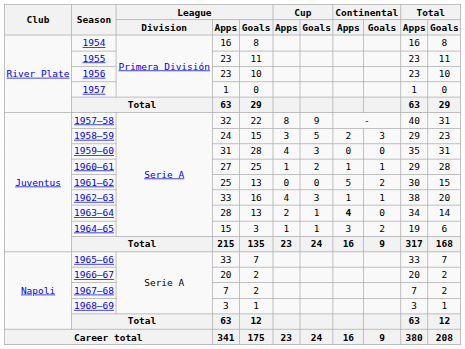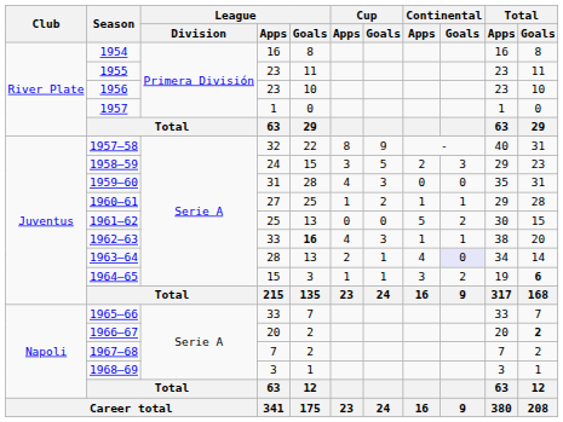 <table class="wikitable" style="text-align:center">
 <tr>
 <th rowspan="2">Club</th>
 <th rowspan="2">Season</th>
 <th colspan="3">League</th>
 <th colspan="2">Cup</th>
 <th colspan="2">Continental</th>
 <th colspan="2">Total</th>
 </tr>
 <tr>
 <th>Division</th>
 <th>Apps</th>
 <th>Goals</th>
 <th>Apps</th>
 <th>Goals</th>
 <th>Apps</th>
 <th>Goals</th>
 <th>Apps</th>
 <th>Goals</th>
 </tr>
 <tr>
 <td rowspan="5"><a href='#'>River Plate</a></td>
 <td><a href='#'>1954</a></td>
 <td rowspan="4"><a href='#'>Primera División</a></td>
 <td>16</td>
 <td>8</td>
 <td></td>
 <td></td>
 <td></td>
 <td></td>
 <td>16</td>
 <td>8</td>
 </tr>
 <tr>
 <td><a href='#'>1955</a></td>
 <td>23</td>
 <td>11</td>
 <td></td>
 <td></td>
 <td></td>
 <td></td>
 <td>23</td>
 <td>11</td>
 </tr>
 <tr>
 <td><a href='#'>1956</a></td>
 <td>23</td>
 <td>10</td>
 <td></td>
 <td></td>
 <td></td>
 <td></td>
 <td>23</td>
 <td>10</td>
 </tr>
 <tr>
 <td><a href='#'>1957</a></td>
 <td>1</td>
 <td>0</td>
 <td></td>
 <td></td>
 <td></td>
 <td></td>
 <td>1</td>
 <td>0</td>
 </tr>
 <tr>
 <th colspan="2">Total</th>
 <th>63</th>
 <th>29</th>
 <th></th>
 <th></th>
 <th></th>
 <th></th>
 <th>63</th>
 <th>29</th>
 </tr>
 <tr>
 <td rowspan="9"><a href='#'>Juventus</a></td>
 <td><a href='#'>1957–58</a></td>
 <td rowspan="8"><a href='#'>Serie A</a></td>
 <td>32</td>
 <td>22</td>
 <td>8</td>
 <td>9</td>
 <td colspan="2">-</td>
 <td>40</td>
 <td>31</td>
 </tr>
 <tr>
 <td><a href='#'>1958–59</a></td>
 <td>24</td>
 <td>15</td>
 <td>3</td>
 <td>5</td>
 <td>2</td>
 <td>3</td>
 <td>29</td>
 <td>23</td>
 </tr>
 <tr>
 <td><a href='#'>1959–60</a></td>
 <td>31</td>
 <td>28</td>
 <td>4</td>
 <td>3</td>
 <td>0</td>
 <td>0</td>
 <td>35</td>
 <td>31</td>
 </tr>
 <tr>
 <td><a href='#'>1960–61</a></td>
 <td>27</td>
 <td>25</td>
 <td>1</td>
 <td>2</td>
 <td>1</td>
 <td>1</td>
 <td>29</td>
 <td>28</td>
 </tr>
 <tr>
 <td><a href='#'>1961–62</a></td>
 <td>25</td>
 <td>13</td>
 <td>0</td>
 <td>0</td>
 <td>5</td>
 <td>2</td>
 <td>30</td>
 <td>15</td>
 </tr>
 <tr>
 <td><a href='#'>1962–63</a></td>
 <td>33</td>
-<td>16</td>
+<td><strong>16</strong></td>
 <td>4</td>
 <td>3</td>
 <td>1</td>
 <td>1</td>
 <td>38</td>
 <td>20</td>
 </tr>
 <tr>
 <td><a href='#'>1963–64</a></td>
 <td>28</td>
 <td>13</td>
 <td>2</td>
 <td>1</td>
-<td><strong>4</strong></td>
-<td>0</td>
+<td>4</td>
+<td style="background: lavender;">0</td>
 <td>34</td>
 <td>14</td>
 </tr>
 <tr>
 <td><a href='#'>1964–65</a></td>
 <td>15</td>
 <td>3</td>
 <td>1</td>
 <td>1</td>
 <td>3</td>
 <td>2</td>
 <td>19</td>
-<td>6</td>
+<td><strong>6</strong></td>
 </tr>
 <tr>
 <th colspan="2">Total</th>
 <th>215</th>
 <th>135</th>
 <th>23</th>
 <th>24</th>
 <th>16</th>
 <th>9</th>
 <th>317</th>
 <th>168</th>
 </tr>
 <tr>
 <td rowspan="5"><a href='#'>Napoli</a></td>
 <td><a href='#'>1965–66</a></td>
 <td rowspan="4">Serie A</td>
 <td>33</td>
 <td>7</td>
 <td></td>
 <td></td>
 <td></td>
 <td></td>
 <td>33</td>
 <td>7</td>
 </tr>
 <tr>
 <td><a href='#'>1966–67</a></td>
 <td>20</td>
 <td>2</td>
 <td></td>
 <td></td>
 <td></td>
 <td></td>
 <td>20</td>
-<td>2</td>
+<td><strong>2</strong></td>
 </tr>
 <tr>
 <td><a href='#'>1967–68</a></td>
 <td>7</td>
 <td>2</td>
 <td></td>
 <td></td>
 <td></td>
 <td></td>
 <td>7</td>
 <td>2</td>
 </tr>
 <tr>
 <td><a href='#'>1968–69</a></td>
 <td>3</td>
 <td>1</td>
 <td></td>
 <td></td>
 <td></td>
 <td></td>
 <td>3</td>
 <td>1</td>
 </tr>
 <tr>
 <th colspan="2">Total</th>
 <th>63</th>
 <th>12</th>
 <th></th>
 <th></th>
 <th></th>
 <th></th>
 <th>63</th>
 <th>12</th>
 </tr>
 <tr>
 <th colspan="3">Career total</th>
 <th>341</th>
 <th>175</th>
 <th>23</th>
 <th>24</th>
 <th>16</th>
 <th>9</th>
 <th>380</th>
 <th>208</th>
 </tr>
 </table>
